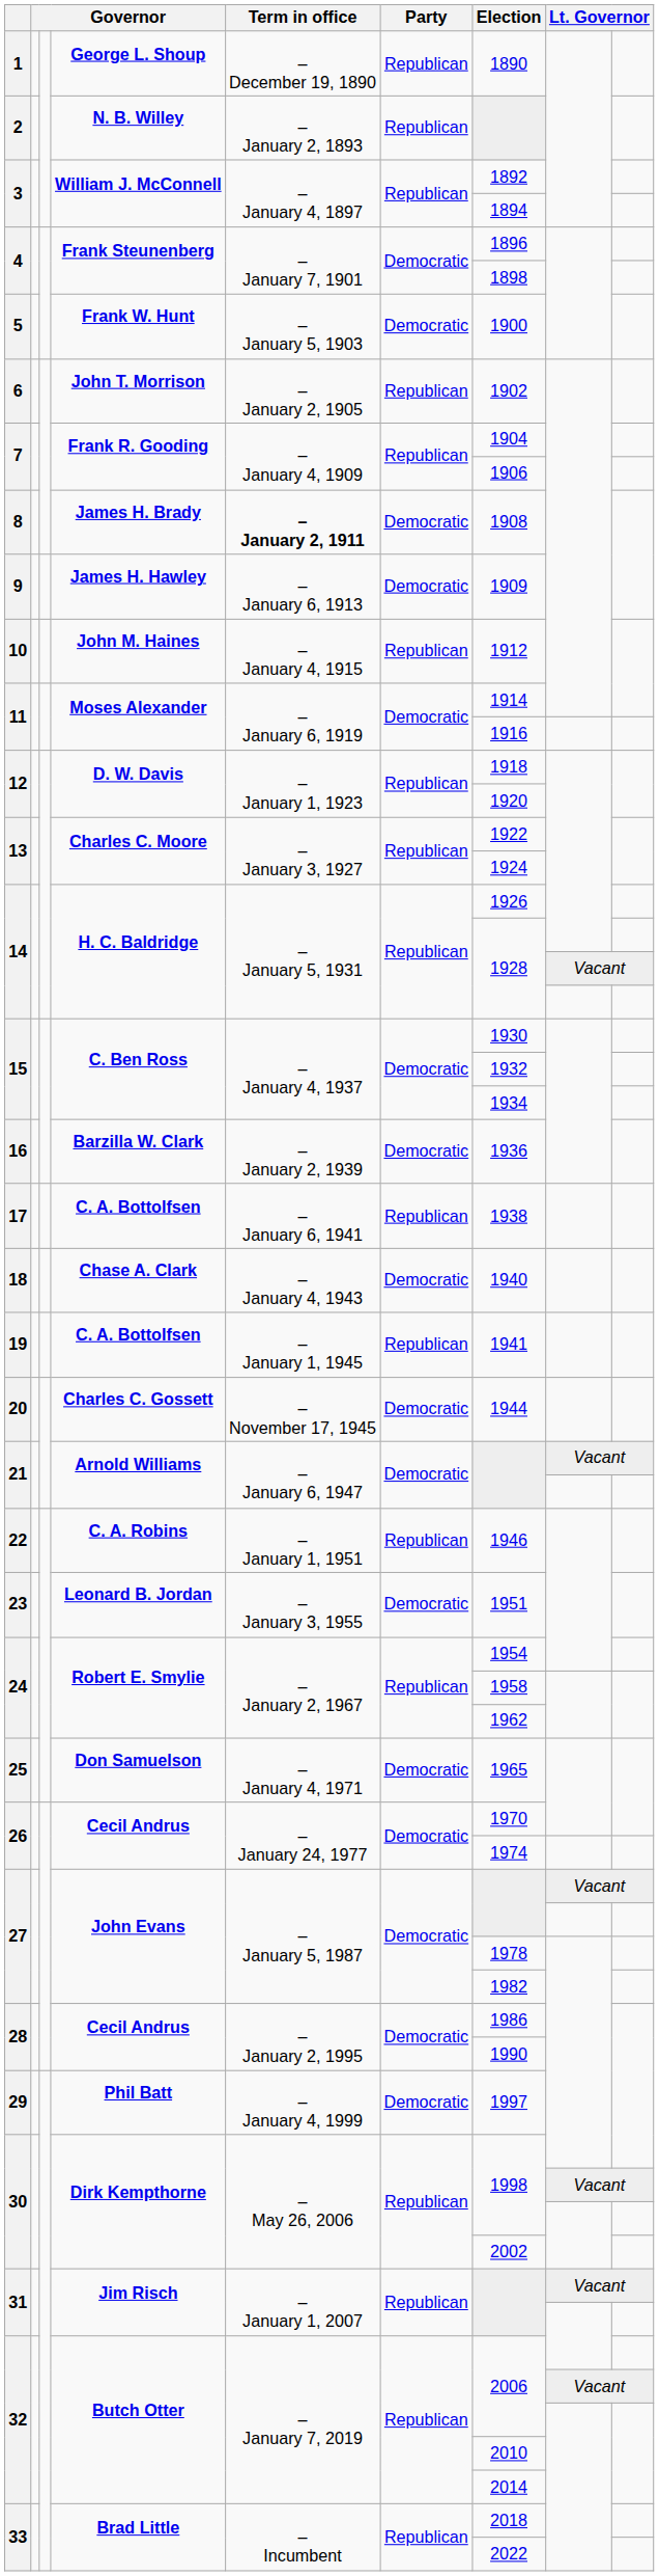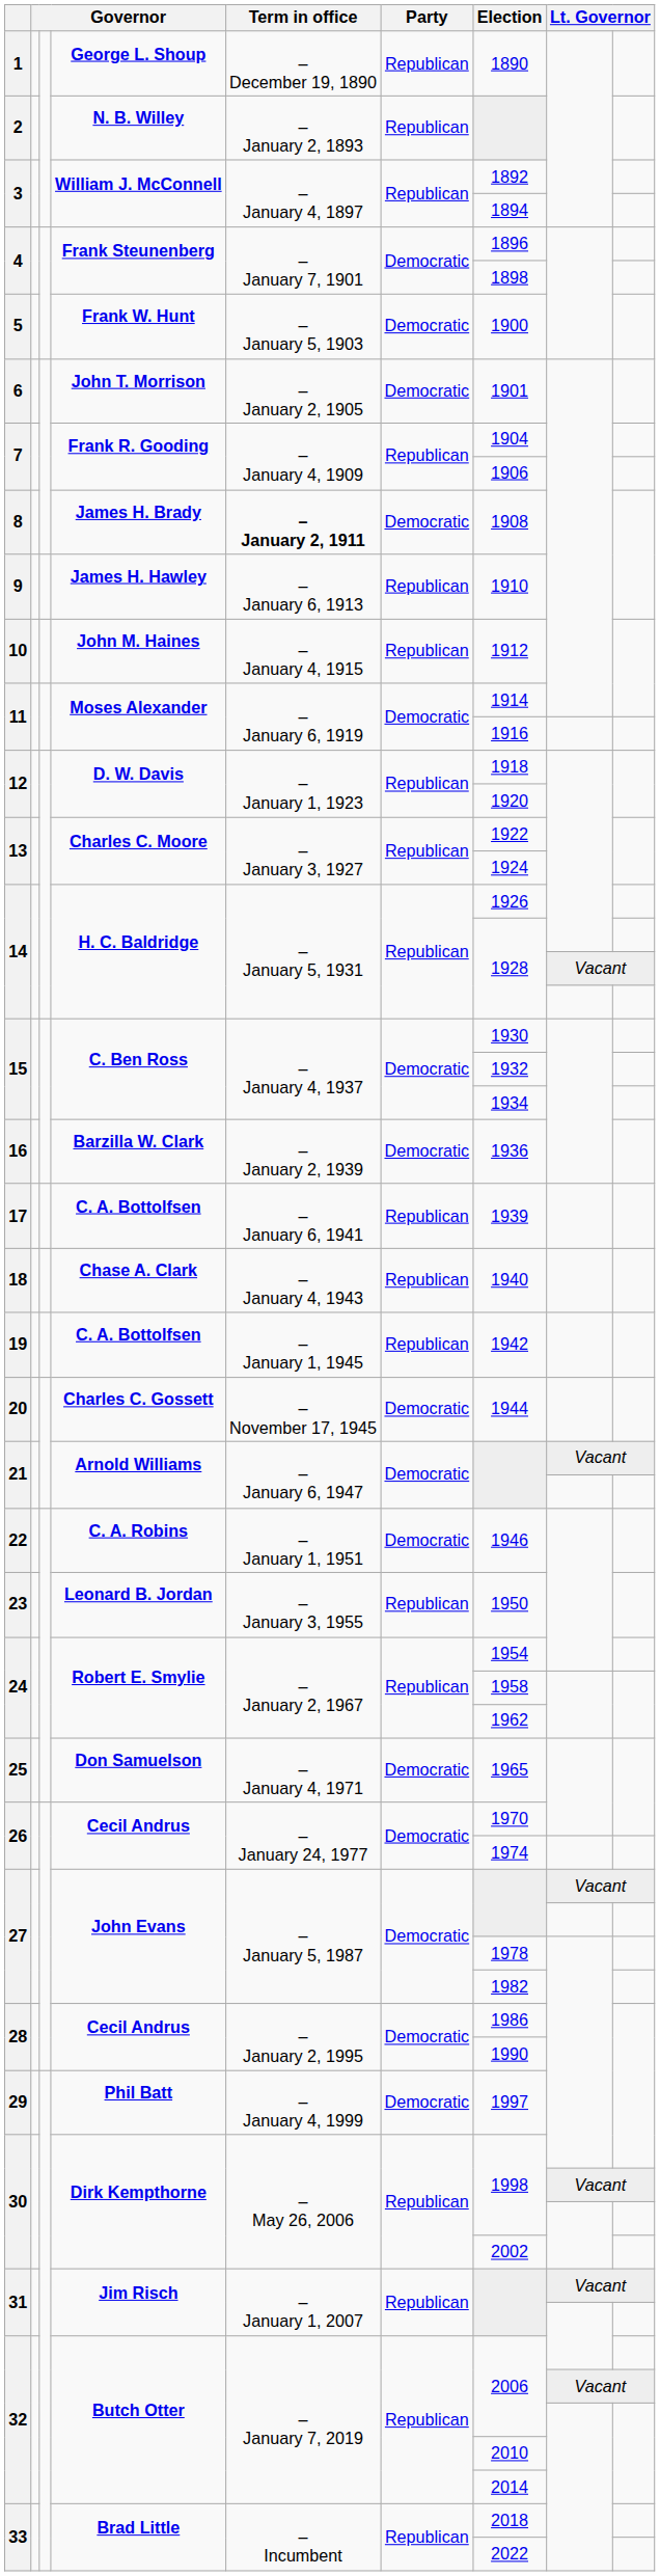 <table class="wikitable sortable mw-collapsible sticky-header-multi" style="text-align:center;">
 <tr>
 <th scope="col" data-sort-type="number"></th>
 <th scope="colgroup" colspan="3">Governor</th>
 <th scope="col">Term in office</th>
 <th scope="col">Party</th>
 <th scope="col">Election</th>
 <th scope="colgroup" colspan="2"><a href='#'>Lt. Governor</a></th>
 </tr>
 <tr style="height:2em;">
 <th scope="row">1</th>
 <td data-sort-value="Shoup, George"></td>
 <td rowspan="4" style="background: "> </td>
 <td><strong><a href='#'>George L. Shoup</a></strong><br><br></td>
 <td><br>–<br>December 19, 1890<br></td>
 <td><a href='#'>Republican</a></td>
 <td><a href='#'>1890</a></td>
 <td rowspan="4" style="background: "> </td>
 <td></td>
 </tr>
 <tr style="height:2em;">
 <th scope="row">2</th>
 <td data-sort-value="Willey, N. B."></td>
 <td><strong><a href='#'>N. B. Willey</a></strong><br><br></td>
 <td><br>–<br>January 2, 1893<br></td>
 <td><a href='#'>Republican</a></td>
 <td style="background:#EEEEEE;"></td>
 <td></td>
 </tr>
 <tr style="height:2em;">
 <th rowspan="2" scope="rowgroup">3</th>
 <td rowspan="2" data-sort-value="McConnell, William"></td>
 <td rowspan="2"><strong><a href='#'>William J. McConnell</a></strong><br><br></td>
 <td rowspan="2"><br>–<br>January 4, 1897<br></td>
 <td rowspan="2"><a href='#'>Republican</a></td>
 <td><a href='#'>1892</a></td>
 <td></td>
 </tr>
 <tr style="height:2em;">
 <td><a href='#'>1894</a></td>
 <td></td>
 </tr>
 <tr style="height:2em;">
 <th rowspan="2" scope="rowgroup">4</th>
 <td rowspan="2" data-sort-value="Steunenberg, Frank"></td>
 <td rowspan="3" style="color:inherit;background: "></td>
 <td rowspan="2"><strong><a href='#'>Frank Steunenberg</a></strong><br><br></td>
 <td rowspan="2"><br>–<br>January 7, 1901<br></td>
 <td rowspan="2"><a href='#'>Democratic</a></td>
 <td><a href='#'>1896</a></td>
 <td rowspan="3" style="color:inherit;background: "></td>
 <td></td>
 </tr>
 <tr style="height:2em;">
 <td><a href='#'>1898</a></td>
 <td></td>
 </tr>
 <tr style="height:2em;">
 <th scope="row">5</th>
 <td data-sort-value="Hunt, Frank"></td>
 <td><strong><a href='#'>Frank W. Hunt</a></strong><br><br></td>
 <td><br>–<br>January 5, 1903<br></td>
 <td><a href='#'>Democratic</a></td>
 <td><a href='#'>1900</a></td>
 <td></td>
 </tr>
 <tr style="height:2em;">
 <th scope="row">6</th>
 <td data-sort-value="Morrison, John"></td>
 <td rowspan="4" style="color:inherit;background: "></td>
 <td><strong><a href='#'>John T. Morrison</a></strong><br><br></td>
 <td><br>–<br>January 2, 1905<br></td>
-<td><a href='#'>Republican</a></td>
-<td><a href='#'>1902</a></td>
+<td><a href='#'>Democratic</a></td>
+<td><a href='#'>1901</a></td>
 <td rowspan="7" style="color:inherit;background: "></td>
 <td></td>
 </tr>
 <tr style="height:2em;">
 <th rowspan="2" scope="rowgroup">7</th>
 <td rowspan="2" data-sort-value="Gooding, Frank"></td>
 <td rowspan="2"><strong><a href='#'>Frank R. Gooding</a></strong><br><br></td>
 <td rowspan="2"><br>–<br>January 4, 1909<br></td>
 <td rowspan="2"><a href='#'>Republican</a></td>
 <td><a href='#'>1904</a></td>
 <td></td>
 </tr>
 <tr style="height:2em;">
 <td><a href='#'>1906</a></td>
 <td></td>
 </tr>
 <tr style="height:2em;">
 <th scope="row">8</th>
 <td data-sort-value="Brady, James"></td>
 <td><strong><a href='#'>James H. Brady</a></strong><br><br></td>
 <td><strong><br>–<br>January 2, 1911<br></strong></td>
 <td><a href='#'>Democratic</a></td>
 <td><a href='#'>1908</a></td>
 <td rowspan="2"></td>
 </tr>
 <tr style="height:2em;">
 <th scope="row">9</th>
 <td data-sort-value="Hawley, James"></td>
 <td style="color:inherit;background: "></td>
 <td><strong><a href='#'>James H. Hawley</a></strong><br><br></td>
 <td><br>–<br>January 6, 1913<br></td>
-<td><a href='#'>Democratic</a></td>
-<td><a href='#'>1909</a></td>
+<td><a href='#'>Republican</a></td>
+<td><a href='#'>1910</a></td>
 </tr>
 <tr style="height:2em;">
 <th scope="row">10</th>
 <td data-sort-value="Haines, John"></td>
 <td style="color:inherit;background: "></td>
 <td><strong><a href='#'>John M. Haines</a></strong><br><br></td>
 <td><br>–<br>January 4, 1915<br></td>
 <td><a href='#'>Republican</a></td>
 <td><a href='#'>1912</a></td>
 <td rowspan="2"></td>
 </tr>
 <tr style="height:2em;">
 <th rowspan="2" scope="rowgroup">11</th>
 <td rowspan="2" data-sort-value="Alexander, Moses"></td>
 <td rowspan="2" style="color:inherit;background: "></td>
 <td rowspan="2"><strong><a href='#'>Moses Alexander</a></strong><br><br></td>
 <td rowspan="2"><br>–<br>January 6, 1919<br></td>
 <td rowspan="2"><a href='#'>Democratic</a></td>
 <td><a href='#'>1914</a></td>
 </tr>
 <tr style="height:2em;">
 <td><a href='#'>1916</a></td>
 <td style="color:inherit;background: "></td>
 <td></td>
 </tr>
 <tr style="height:2em;">
 <th rowspan="2" scope="rowgroup">12</th>
 <td rowspan="2" data-sort-value="Davis, D. W."></td>
 <td rowspan="8" style="color:inherit;background: "></td>
 <td rowspan="2"><strong><a href='#'>D. W. Davis</a></strong><br><br></td>
 <td rowspan="2"><br>–<br>January 1, 1923<br></td>
 <td rowspan="2"><a href='#'>Republican</a></td>
 <td><a href='#'>1918</a></td>
 <td rowspan="6" style="color:inherit;background: "></td>
 <td rowspan="2"></td>
 </tr>
 <tr style="height:2em;">
 <td><a href='#'>1920</a></td>
 </tr>
 <tr style="height:2em;">
 <th rowspan="2" scope="rowgroup">13</th>
 <td rowspan="2" data-sort-value="Moore, Charles"></td>
 <td rowspan="2"><strong><a href='#'>Charles C. Moore</a></strong><br><br></td>
 <td rowspan="2"><br>–<br>January 3, 1927<br></td>
 <td rowspan="2"><a href='#'>Republican</a></td>
 <td><a href='#'>1922</a></td>
 <td rowspan="2"></td>
 </tr>
 <tr style="height:2em;">
 <td><a href='#'>1924</a></td>
 </tr>
 <tr style="height:2em;">
 <th rowspan="4" scope="rowgroup">14</th>
 <td rowspan="4" data-sort-value="Baldridge, H. C."></td>
 <td rowspan="4"><strong><a href='#'>H. C. Baldridge</a></strong><br><br></td>
 <td rowspan="4"><br>–<br>January 5, 1931<br></td>
 <td rowspan="4"><a href='#'>Republican</a></td>
 <td><a href='#'>1926</a></td>
 <td></td>
 </tr>
 <tr style="height:2em;">
 <td rowspan="3"><a href='#'>1928</a></td>
 <td><br></td>
 </tr>
 <tr style="height:2em;">
 <td colspan="2" style="background:#EEEEEE;"><em>Vacant</em></td>
 </tr>
 <tr style="height:2em;">
 <td style="color:inherit;background: "></td>
 <td><br></td>
 </tr>
 <tr style="height:2em;">
 <th rowspan="3" scope="rowgroup">15</th>
 <td rowspan="3" data-sort-value="Ross, C. Ben"></td>
 <td rowspan="4" style="color:inherit;background: "></td>
 <td rowspan="3"><strong><a href='#'>C. Ben Ross</a></strong><br><br></td>
 <td rowspan="3"><br>–<br>January 4, 1937<br></td>
 <td rowspan="3"><a href='#'>Democratic</a></td>
 <td><a href='#'>1930</a></td>
 <td rowspan="4" style="color:inherit;background: "></td>
 <td></td>
 </tr>
 <tr style="height:2em;">
 <td><a href='#'>1932</a></td>
 <td></td>
 </tr>
 <tr style="height:2em;">
 <td><a href='#'>1934</a></td>
 <td></td>
 </tr>
 <tr style="height:2em;">
 <th scope="row">16</th>
 <td data-sort-value="Clark, Barzilla"></td>
 <td><strong><a href='#'>Barzilla W. Clark</a></strong><br><br></td>
 <td><br>–<br>January 2, 1939<br></td>
 <td><a href='#'>Democratic</a></td>
 <td><a href='#'>1936</a></td>
 <td></td>
 </tr>
 <tr style="height:2em;">
 <th scope="row">17</th>
 <td data-sort-value="Bottolfsen, C. A."></td>
 <td style="color:inherit;background: "></td>
 <td><strong><a href='#'>C. A. Bottolfsen</a></strong><br><br></td>
 <td><br>–<br>January 6, 1941<br></td>
 <td><a href='#'>Republican</a></td>
-<td><a href='#'>1938</a></td>
+<td><a href='#'>1939</a></td>
 <td style="color:inherit;background: "></td>
 <td></td>
 </tr>
 <tr style="height:2em;">
 <th scope="row">18</th>
 <td data-sort-value="Clark, Chase"></td>
 <td style="color:inherit;background: "></td>
 <td><strong><a href='#'>Chase A. Clark</a></strong><br><br></td>
 <td><br>–<br>January 4, 1943<br></td>
-<td><a href='#'>Democratic</a></td>
+<td><a href='#'>Republican</a></td>
 <td><a href='#'>1940</a></td>
 <td style="color:inherit;background: "></td>
 <td></td>
 </tr>
 <tr style="height:2em;">
 <th scope="row">19</th>
 <td data-sort-value="Bottolfsen, C. A."></td>
 <td style="color:inherit;background: "></td>
 <td><strong><a href='#'>C. A. Bottolfsen</a></strong><br><br></td>
 <td><br>–<br>January 1, 1945<br></td>
 <td><a href='#'>Republican</a></td>
-<td><a href='#'>1941</a></td>
+<td><a href='#'>1942</a></td>
 <td style="color:inherit;background: "></td>
 <td></td>
 </tr>
 <tr style="height:2em;">
 <th scope="row">20</th>
 <td data-sort-value="Gossett, Charles"></td>
 <td rowspan="3" style="color:inherit;background: "></td>
 <td><strong><a href='#'>Charles C. Gossett</a></strong><br><br></td>
 <td><br>–<br>November 17, 1945<br></td>
 <td><a href='#'>Democratic</a></td>
 <td><a href='#'>1944</a></td>
 <td style="color:inherit;background: "></td>
 <td></td>
 </tr>
 <tr style="height:2em;">
 <th rowspan="2" scope="rowgroup">21</th>
 <td rowspan="2" data-sort-value="Williams, Arnold"></td>
 <td rowspan="2"><strong><a href='#'>Arnold Williams</a></strong><br><br></td>
 <td rowspan="2"><br>–<br>January 6, 1947<br></td>
 <td rowspan="2"><a href='#'>Democratic</a></td>
 <td rowspan="2" style="background:#EEEEEE;"></td>
 <td colspan="2" style="background:#EEEEEE;"><em>Vacant</em></td>
 </tr>
 <tr style="height:2em;">
 <td style="color:inherit;background: "></td>
 <td><br></td>
 </tr>
 <tr style="height:2em;">
 <th scope="row">22</th>
 <td data-sort-value="Robins, C. A."></td>
 <td rowspan="6" style="color:inherit;background: "></td>
 <td><strong><a href='#'>C. A. Robins</a></strong><br><br></td>
 <td><br>–<br>January 1, 1951<br></td>
-<td><a href='#'>Republican</a></td>
+<td><a href='#'>Democratic</a></td>
 <td><a href='#'>1946</a></td>
 <td rowspan="3" style="color:inherit;background: "></td>
 <td></td>
 </tr>
 <tr style="height:2em;">
 <th scope="row">23</th>
 <td data-sort-value="Jordan, Leonard"></td>
 <td><strong><a href='#'>Leonard B. Jordan</a></strong><br><br></td>
 <td><br>–<br>January 3, 1955<br></td>
-<td><a href='#'>Democratic</a></td>
-<td><a href='#'>1951</a></td>
+<td><a href='#'>Republican</a></td>
+<td><a href='#'>1950</a></td>
 <td></td>
 </tr>
 <tr style="height:2em;">
 <th rowspan="3" scope="rowgroup">24</th>
 <td rowspan="3" data-sort-value="Smylie, Robert"></td>
 <td rowspan="3"><strong><a href='#'>Robert E. Smylie</a></strong><br><br></td>
 <td rowspan="3"><br>–<br>January 2, 1967<br></td>
 <td rowspan="3"><a href='#'>Republican</a></td>
 <td><a href='#'>1954</a></td>
 <td></td>
 </tr>
 <tr style="height:2em;">
 <td><a href='#'>1958</a></td>
 <td rowspan="2" style="color:inherit;background: "></td>
 <td rowspan="2"></td>
 </tr>
 <tr style="height:2em;">
 <td><a href='#'>1962</a></td>
 </tr>
 <tr style="height:2em;">
 <th scope="row">25</th>
 <td data-sort-value="Samuelson, Don"></td>
 <td><strong><a href='#'>Don Samuelson</a></strong><br><br></td>
 <td><br>–<br>January 4, 1971<br></td>
 <td><a href='#'>Democratic</a></td>
 <td><a href='#'>1965</a></td>
 <td rowspan="2" style="color:inherit;background: "></td>
 <td rowspan="2"></td>
 </tr>
 <tr style="height:2em;">
 <th rowspan="2" scope="rowgroup">26</th>
 <td rowspan="2" data-sort-value="Andrus, Cecil"></td>
 <td rowspan="8" style="color:inherit;background: "></td>
 <td rowspan="2"><strong><a href='#'>Cecil Andrus</a></strong><br><br></td>
 <td rowspan="2"><br>–<br>January 24, 1977<br></td>
 <td rowspan="2"><a href='#'>Democratic</a></td>
 <td><a href='#'>1970</a></td>
 </tr>
 <tr style="height:2em;">
 <td><a href='#'>1974</a></td>
 <td style="color:inherit;background: "></td>
 <td></td>
 </tr>
 <tr style="height:2em;">
 <th rowspan="4" scope="rowgroup">27</th>
 <td rowspan="4" data-sort-value="Evans, John"></td>
 <td rowspan="4"><strong><a href='#'>John Evans</a></strong><br><br></td>
 <td rowspan="4"><br>–<br>January 5, 1987<br></td>
 <td rowspan="4"><a href='#'>Democratic</a></td>
 <td rowspan="2" style="background:#EEEEEE;"></td>
 <td colspan="2" style="background:#EEEEEE;"><em>Vacant</em></td>
 </tr>
 <tr style="height:2em;">
 <td style="color:inherit;background: "></td>
 <td><br></td>
 </tr>
 <tr style="height:2em;">
 <td><a href='#'>1978</a></td>
 <td rowspan="6" style="color:inherit;background: "></td>
 <td></td>
 </tr>
 <tr style="height:2em;">
 <td><a href='#'>1982</a></td>
 <td></td>
 </tr>
 <tr style="height:2em;">
 <th rowspan="2" scope="rowgroup">28</th>
 <td rowspan="2" data-sort-value="Andrus, Cecil"></td>
 <td rowspan="2"><strong><a href='#'>Cecil Andrus</a></strong><br><br></td>
 <td rowspan="2"><br>–<br>January 2, 1995<br></td>
 <td rowspan="2"><a href='#'>Democratic</a></td>
 <td><a href='#'>1986</a></td>
 <td rowspan="4"><br></td>
 </tr>
 <tr style="height:2em;">
 <td><a href='#'>1990</a></td>
 </tr>
 <tr style="height:2em;">
 <th scope="row">29</th>
 <td data-sort-value="Batt, Phil"></td>
 <td rowspan="14" style="color:inherit;background: "></td>
 <td><strong><a href='#'>Phil Batt</a></strong><br><br></td>
 <td><br>–<br>January 4, 1999<br></td>
 <td><a href='#'>Democratic</a></td>
 <td><a href='#'>1997</a></td>
 </tr>
 <tr style="height:2em;">
 <th rowspan="4" scope="rowgroup">30</th>
 <td rowspan="4" data-sort-value="Kempthorne, Dirk"></td>
 <td rowspan="4"><strong><a href='#'>Dirk Kempthorne</a></strong><br><br></td>
 <td rowspan="4"><br>–<br>May 26, 2006<br></td>
 <td rowspan="4"><a href='#'>Republican</a></td>
 <td rowspan="3"><a href='#'>1998</a></td>
 </tr>
 <tr style="height:2em;">
 <td colspan="2" style="background:#EEEEEE;"><em>Vacant</em></td>
 </tr>
 <tr style="height:2em;">
 <td rowspan="2" style="color:inherit;background: "></td>
 <td><br></td>
 </tr>
 <tr style="height:2em;">
 <td><a href='#'>2002</a></td>
 <td></td>
 </tr>
 <tr style="height:2em;">
 <th rowspan="2" scope="rowgroup">31</th>
 <td rowspan="2" data-sort-value="Risch, Jim"></td>
 <td rowspan="2"><strong><a href='#'>Jim Risch</a></strong><br><br></td>
 <td rowspan="2"><br>–<br>January 1, 2007<br></td>
 <td rowspan="2"><a href='#'>Republican</a></td>
 <td rowspan="2" style="background:#EEEEEE;"></td>
 <td colspan="2" style="background:#EEEEEE;"><em>Vacant</em></td>
 </tr>
 <tr style="height:2em;">
 <td rowspan="2" style="color:inherit;background: "></td>
 <td><br></td>
 </tr>
 <tr style="height:2em;">
 <th rowspan="5" scope="rowgroup">32</th>
 <td rowspan="5" data-sort-value="Otter, Butch"></td>
 <td rowspan="5"><strong><a href='#'>Butch Otter</a></strong><br><br></td>
 <td rowspan="5"><br>–<br>January 7, 2019<br></td>
 <td rowspan="5"><a href='#'>Republican</a></td>
 <td rowspan="3"><a href='#'>2006</a></td>
 <td><br></td>
 </tr>
 <tr style="height:2em;">
 <td colspan="2" style="background:#EEEEEE;"><em>Vacant</em></td>
 </tr>
 <tr style="height:2em;">
 <td rowspan="5" style="color:inherit;background: "></td>
 <td rowspan="3"><br></td>
 </tr>
 <tr style="height:2em;">
 <td><a href='#'>2010</a></td>
 </tr>
 <tr style="height:2em;">
 <td><a href='#'>2014</a></td>
 </tr>
 <tr style="height:2em;">
 <th rowspan="2" scope="rowgroup">33</th>
 <td rowspan="2" data-sort-value="Little, Brad"></td>
 <td rowspan="2"><strong><a href='#'>Brad Little</a></strong><br><br></td>
 <td rowspan="2"><br>–<br>Incumbent</td>
 <td rowspan="2"><a href='#'>Republican</a></td>
 <td><a href='#'>2018</a></td>
 <td></td>
 </tr>
 <tr style="height:2em;">
 <td><a href='#'>2022</a></td>
 <td></td>
 </tr>
 </table>
